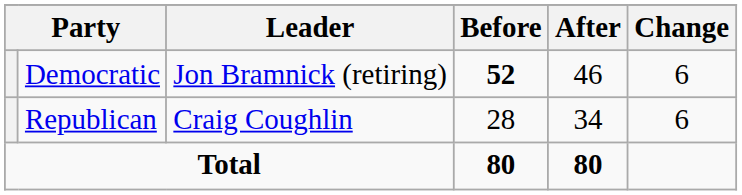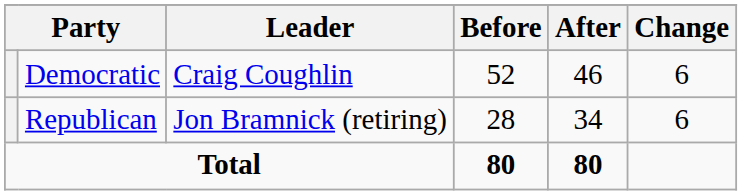 <table class="wikitable" style="text-align:center;">
 <tr>
 </tr>
 <tr>
 <th colspan=2>Party</th>
 <th>Leader</th>
 <th>Before</th>
 <th>After</th>
 <th>Change</th>
 </tr>
 <tr>
 <th style="background-color:"></th>
 <td style="text-align:left;"><a href='#'>Democratic</a></td>
-<td style="text-align:left;"><a href='#'>Jon Bramnick</a> (retiring)</td>
-<td><strong>52</strong></td>
+<td style="text-align:left;"><a href='#'>Craig Coughlin</a></td>
+<td>52</td>
 <td>46</td>
 <td> 6</td>
 </tr>
 <tr>
 <th style="background-color:"></th>
 <td style="text-align:left;"><a href='#'>Republican</a></td>
-<td style="text-align:left;"><a href='#'>Craig Coughlin</a></td>
+<td style="text-align:left;"><a href='#'>Jon Bramnick</a> (retiring)</td>
 <td>28</td>
 <td>34</td>
 <td> 6</td>
 </tr>
 <tr>
 <td colspan=3><strong>Total</strong></td>
 <td><strong>80</strong></td>
 <td><strong>80</strong></td>
 </tr>
 </table>
